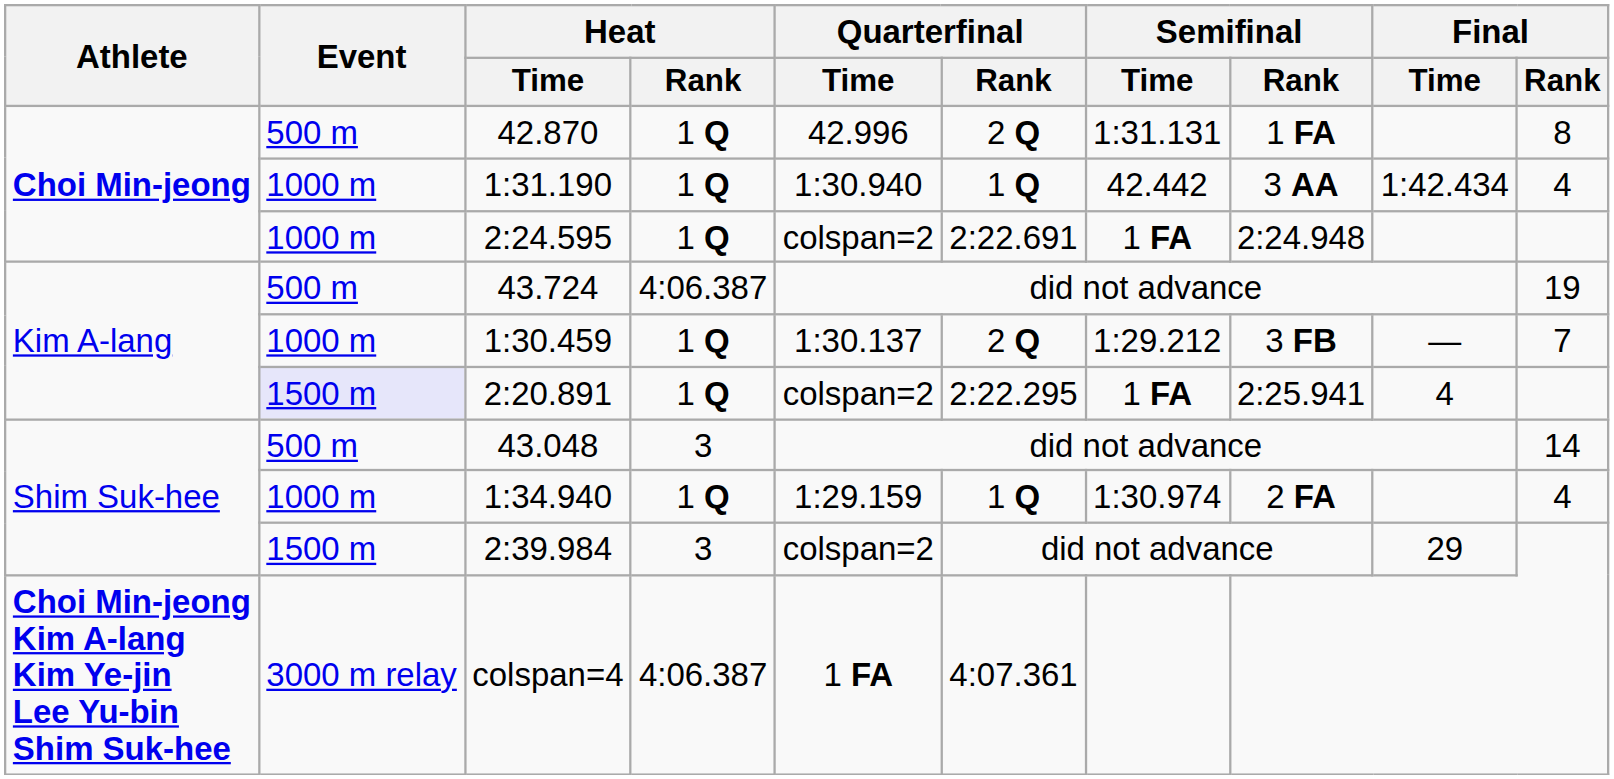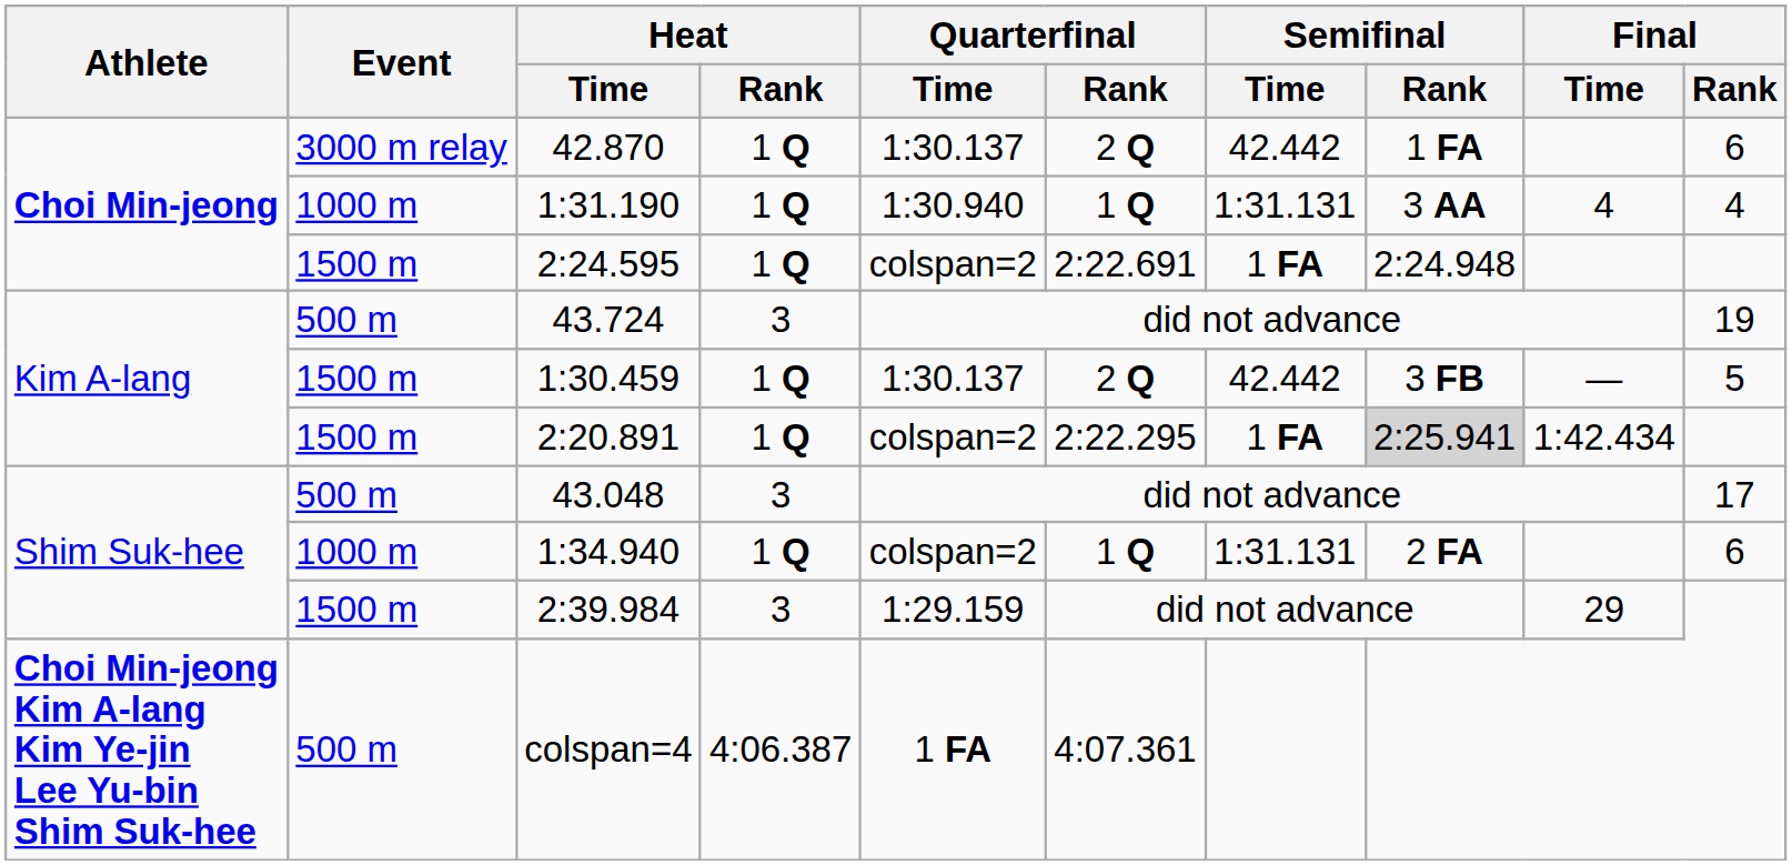 <table class="wikitable" style="font-size:90%">
 <tr>
 <th rowspan=2>Athlete</th>
 <th rowspan=2>Event</th>
 <th colspan=2>Heat</th>
 <th colspan=2>Quarterfinal</th>
 <th colspan=2>Semifinal</th>
 <th colspan=2>Final</th>
 </tr>
 <tr style="font-size:95%">
 <th>Time</th>
 <th>Rank</th>
 <th>Time</th>
 <th>Rank</th>
 <th>Time</th>
 <th>Rank</th>
 <th>Time</th>
 <th>Rank</th>
 </tr>
 <tr align=center>
 <td align=left rowspan=3><strong><a href='#'>Choi Min-jeong</a></strong></td>
-<td align=left><a href='#'>500 m</a></td>
+<td align=left><a href='#'>3000 m relay</a></td>
 <td>42.870 </td>
 <td>1 <strong>Q</strong></td>
-<td>42.996</td>
+<td>1:30.137</td>
 <td>2 <strong>Q</strong></td>
-<td>1:31.131</td>
+<td>42.442 </td>
 <td>1 <strong>FA</strong></td>
 <td></td>
-<td>8</td>
+<td>6</td>
 </tr>
 <tr align=center>
 <td align=left><a href='#'>1000 m</a></td>
 <td>1:31.190</td>
 <td>1 <strong>Q</strong></td>
 <td>1:30.940</td>
 <td>1 <strong>Q</strong></td>
-<td>42.442 </td>
+<td>1:31.131</td>
 <td>3 <strong>AA</strong></td>
-<td>1:42.434</td>
+<td>4</td>
 <td>4</td>
 </tr>
 <tr align=center>
-<td align=left><a href='#'>1000 m</a></td>
+<td align=left><a href='#'>1500 m</a></td>
 <td>2:24.595</td>
 <td>1 <strong>Q</strong></td>
 <td>colspan=2 </td>
 <td>2:22.691</td>
 <td>1 <strong>FA</strong></td>
 <td>2:24.948</td>
 <td></td>
 </tr>
 <tr align=center>
 <td align=left rowspan=3><a href='#'>Kim A-lang</a></td>
 <td align=left><a href='#'>500 m</a></td>
 <td>43.724</td>
-<td>4:06.387 </td>
+<td>3</td>
 <td colspan="5">did not advance</td>
 <td>19</td>
 </tr>
 <tr align=center>
-<td align=left><a href='#'>1000 m</a></td>
+<td align=left><a href='#'>1500 m</a></td>
 <td>1:30.459</td>
 <td>1 <strong>Q</strong></td>
 <td>1:30.137</td>
 <td>2 <strong>Q</strong></td>
-<td>1:29.212</td>
+<td>42.442 </td>
 <td>3 <strong>FB</strong></td>
 <td>—</td>
-<td>7</td>
+<td>5</td>
 </tr>
 <tr align=center>
-<td align=left style="background: lavender;"><a href='#'>1500 m</a></td>
+<td align=left><a href='#'>1500 m</a></td>
 <td>2:20.891</td>
 <td>1 <strong>Q</strong></td>
 <td>colspan=2 </td>
 <td>2:22.295</td>
 <td>1 <strong>FA</strong></td>
-<td>2:25.941</td>
-<td>4</td>
+<td style="background: lightgrey;">2:25.941</td>
+<td>1:42.434</td>
 </tr>
 <tr align=center>
 <td align=left rowspan=3><a href='#'>Shim Suk-hee</a></td>
 <td align=left><a href='#'>500 m</a></td>
 <td>43.048</td>
 <td>3</td>
 <td colspan="5">did not advance</td>
-<td>14</td>
+<td>17</td>
 </tr>
 <tr align=center>
 <td align=left><a href='#'>1000 m</a></td>
 <td>1:34.940</td>
 <td>1 <strong>Q</strong></td>
-<td>1:29.159</td>
+<td>colspan=2 </td>
 <td>1 <strong>Q</strong></td>
-<td>1:30.974</td>
+<td>1:31.131</td>
 <td>2 <strong>FA</strong></td>
 <td></td>
-<td>4</td>
+<td>6</td>
 </tr>
 <tr align=center>
 <td align=left><a href='#'>1500 m</a></td>
 <td>2:39.984</td>
 <td>3</td>
-<td>colspan=2 </td>
+<td>1:29.159</td>
 <td colspan="3">did not advance</td>
 <td>29</td>
 </tr>
 <tr align=center>
 <td align=left><strong><a href='#'>Choi Min-jeong</a><br><a href='#'>Kim A-lang</a><br><a href='#'>Kim Ye-jin</a><br><a href='#'>Lee Yu-bin</a><br><a href='#'>Shim Suk-hee</a></strong></td>
-<td align=left><a href='#'>3000 m relay</a></td>
+<td align=left><a href='#'>500 m</a></td>
 <td>colspan=4 </td>
 <td>4:06.387 </td>
 <td>1 <strong>FA</strong></td>
 <td>4:07.361</td>
 <td></td>
 </tr>
 </table>
